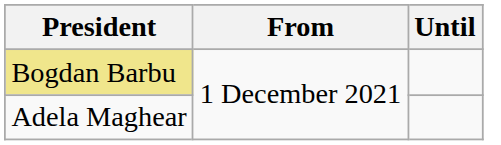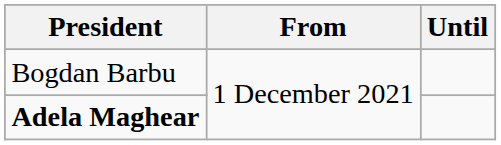 <table class="wikitable">
 <tr>
 <th>President</th>
 <th>From</th>
 <th>Until</th>
 </tr>
 <tr>
-<td style="background: khaki;">Bogdan Barbu</td>
+<td>Bogdan Barbu</td>
 <td rowspan="2">1 December 2021</td>
 <td></td>
 </tr>
 <tr>
-<td>Adela Maghear</td>
+<td><strong>Adela Maghear</strong></td>
 <td></td>
 </tr>
 </table>
